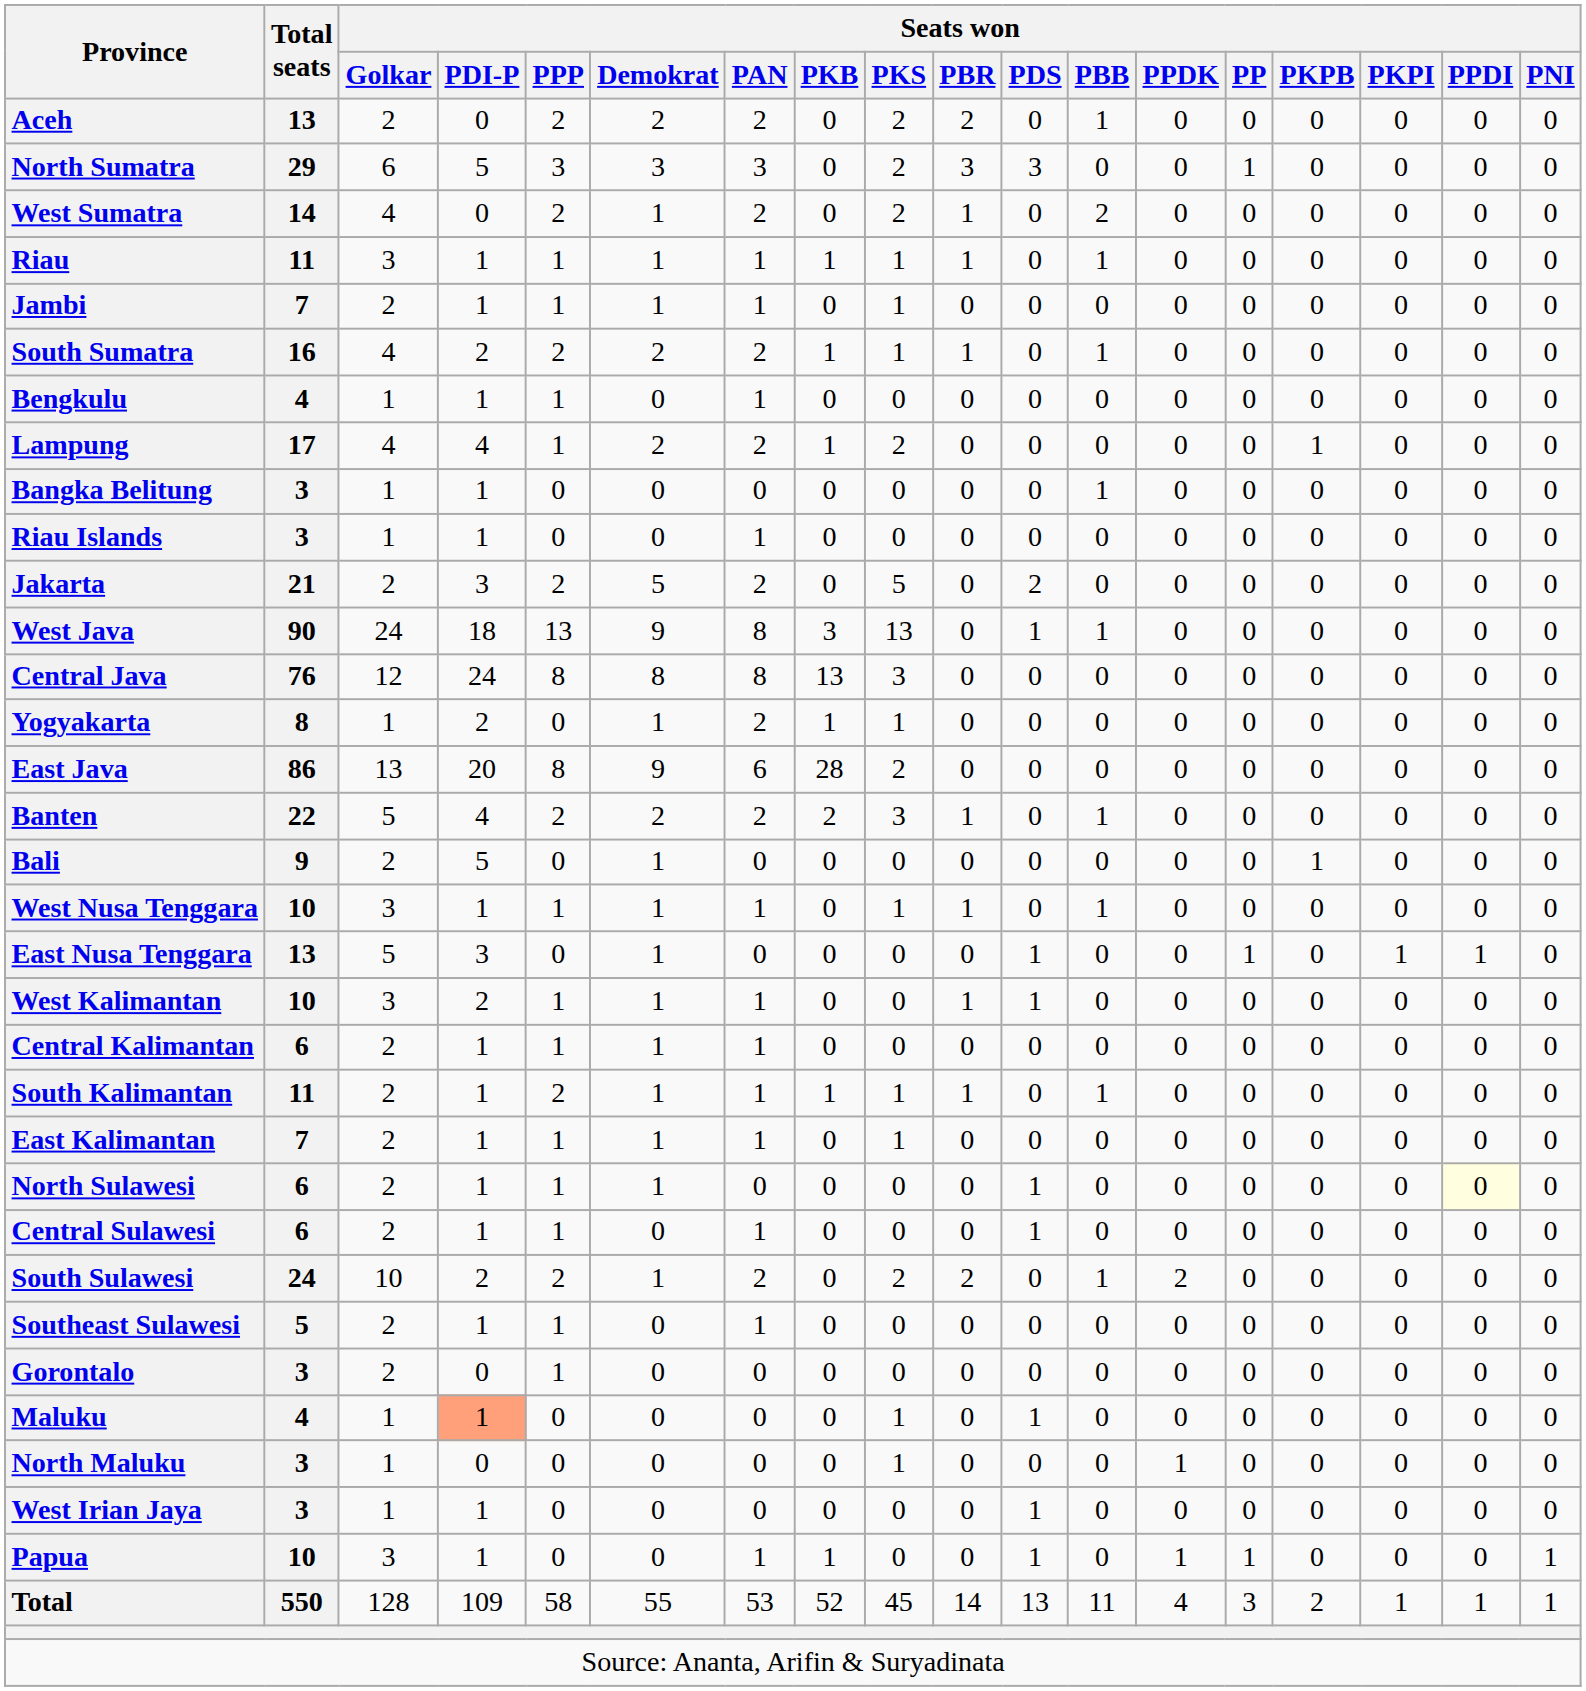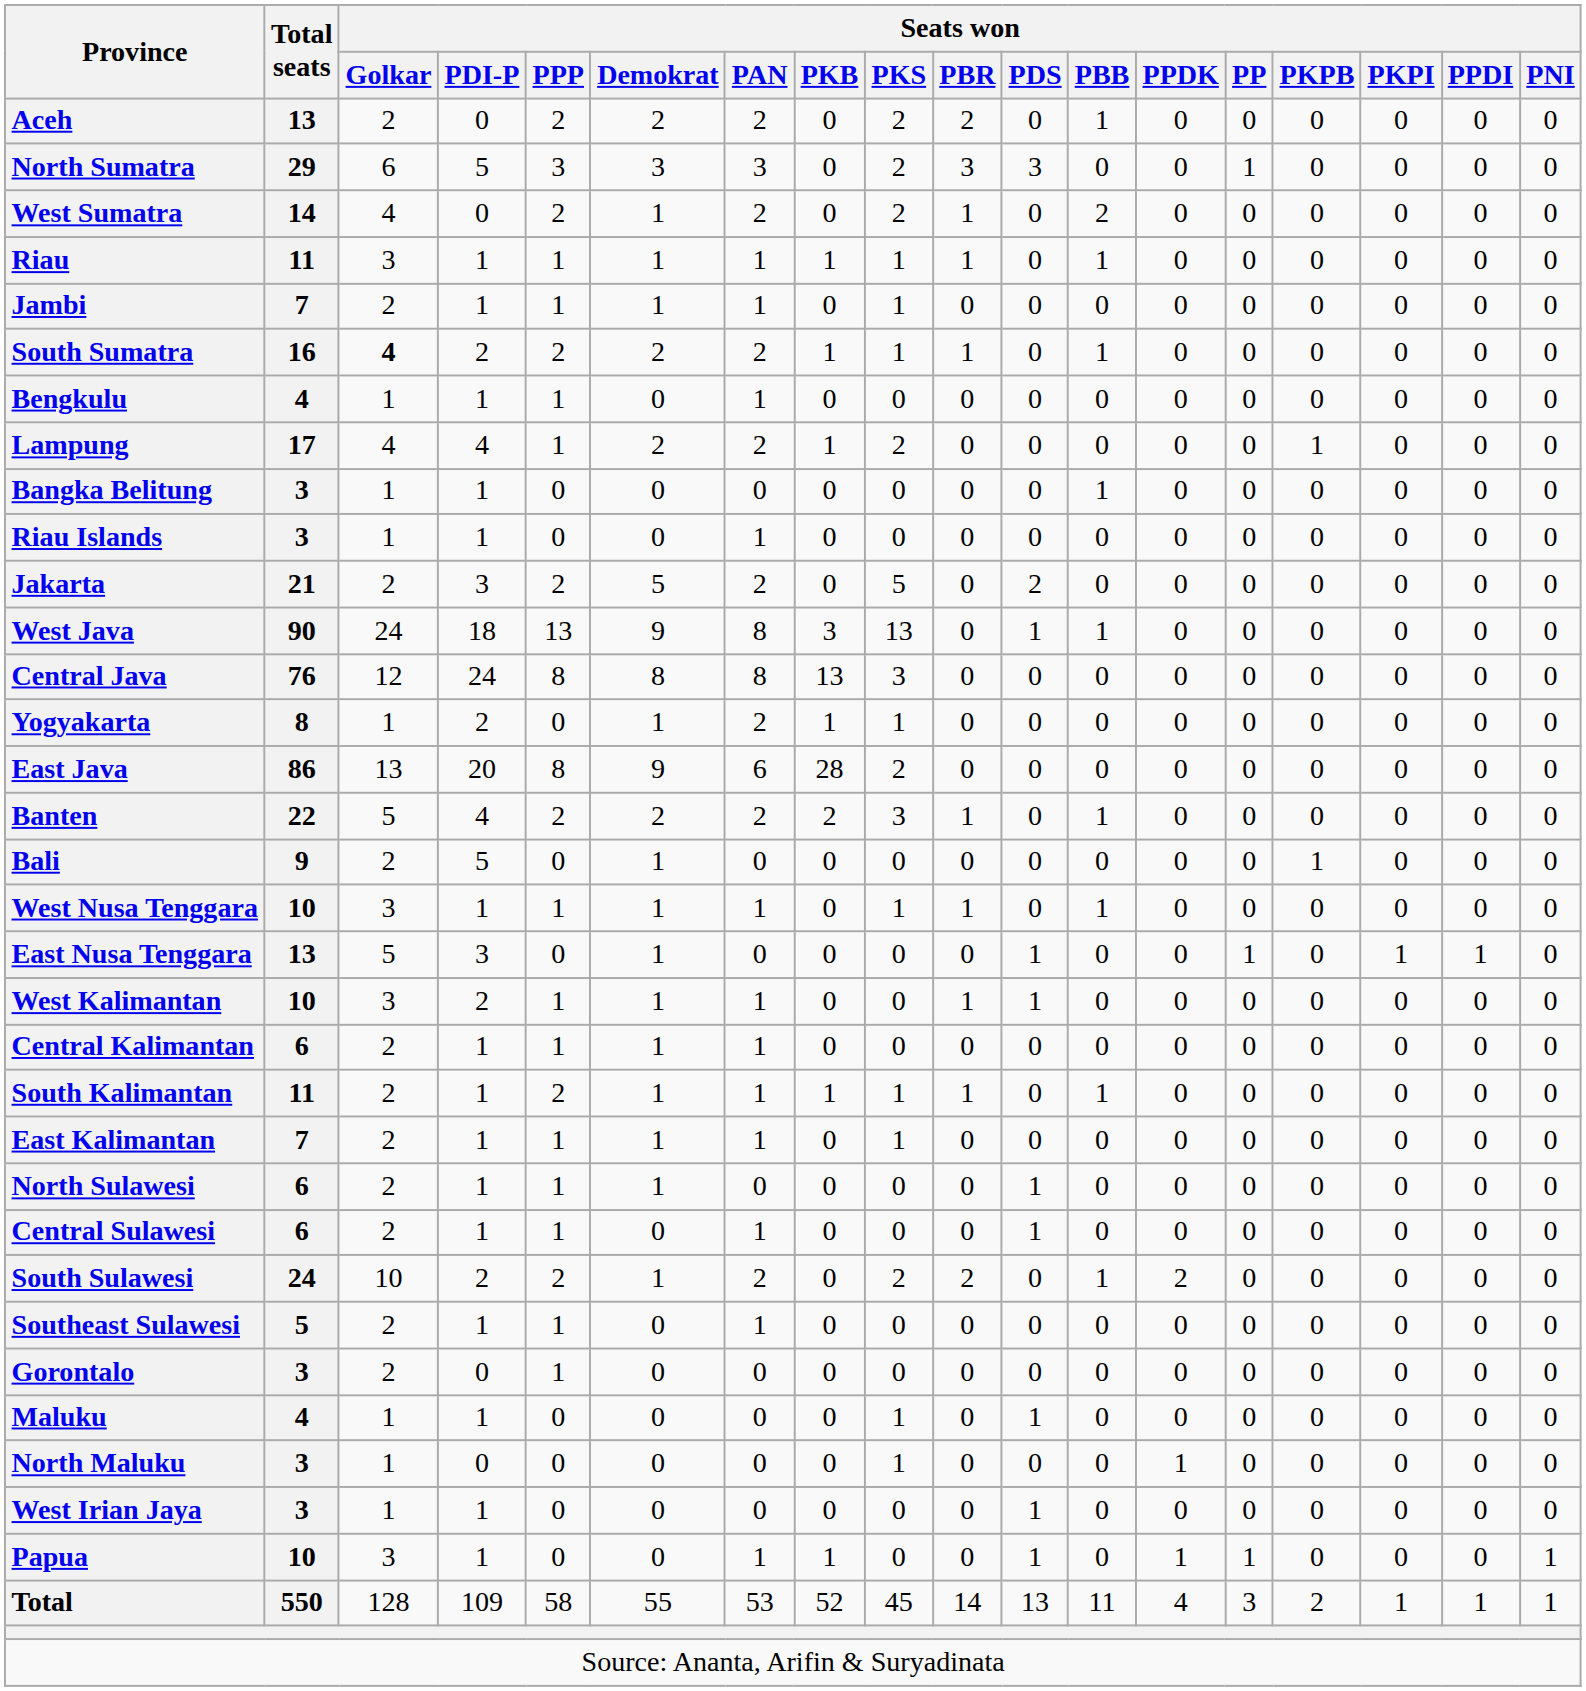 <table class="wikitable" style="text-align:center; font-size: 0.9em;">
 <tr>
 <th rowspan="2">Province</th>
 <th rowspan="2">Total<br>seats</th>
 <th colspan="16">Seats won</th>
 </tr>
 <tr>
 <th><a href='#'>Golkar</a></th>
 <th><a href='#'>PDI-P</a></th>
 <th><a href='#'>PPP</a></th>
 <th><a href='#'>Demokrat</a></th>
 <th><a href='#'>PAN</a></th>
 <th><a href='#'>PKB</a></th>
 <th><a href='#'>PKS</a></th>
 <th><a href='#'>PBR</a></th>
 <th><a href='#'>PDS</a></th>
 <th><a href='#'>PBB</a></th>
 <th><a href='#'>PPDK</a></th>
 <th><a href='#'>PP</a></th>
 <th><a href='#'>PKPB</a></th>
 <th><a href='#'>PKPI</a></th>
 <th><a href='#'>PPDI</a></th>
 <th><a href='#'>PNI</a></th>
 </tr>
 <tr>
 <th style="text-align: left;"><a href='#'>Aceh</a></th>
 <th>13</th>
 <td>2</td>
 <td>0</td>
 <td>2</td>
 <td>2</td>
 <td>2</td>
 <td>0</td>
 <td>2</td>
 <td>2</td>
 <td>0</td>
 <td>1</td>
 <td>0</td>
 <td>0</td>
 <td>0</td>
 <td>0</td>
 <td>0</td>
 <td>0</td>
 </tr>
 <tr>
 <th style="text-align: left;"><a href='#'>North Sumatra</a></th>
 <th>29</th>
 <td>6</td>
 <td>5</td>
 <td>3</td>
 <td>3</td>
 <td>3</td>
 <td>0</td>
 <td>2</td>
 <td>3</td>
 <td>3</td>
 <td>0</td>
 <td>0</td>
 <td>1</td>
 <td>0</td>
 <td>0</td>
 <td>0</td>
 <td>0</td>
 </tr>
 <tr>
 <th style="text-align: left;"><a href='#'>West Sumatra</a></th>
 <th>14</th>
 <td>4</td>
 <td>0</td>
 <td>2</td>
 <td>1</td>
 <td>2</td>
 <td>0</td>
 <td>2</td>
 <td>1</td>
 <td>0</td>
 <td>2</td>
 <td>0</td>
 <td>0</td>
 <td>0</td>
 <td>0</td>
 <td>0</td>
 <td>0</td>
 </tr>
 <tr>
 <th style="text-align: left;"><a href='#'>Riau</a></th>
 <th>11</th>
 <td>3</td>
 <td>1</td>
 <td>1</td>
 <td>1</td>
 <td>1</td>
 <td>1</td>
 <td>1</td>
 <td>1</td>
 <td>0</td>
 <td>1</td>
 <td>0</td>
 <td>0</td>
 <td>0</td>
 <td>0</td>
 <td>0</td>
 <td>0</td>
 </tr>
 <tr>
 <th style="text-align: left;"><a href='#'>Jambi</a></th>
 <th>7</th>
 <td>2</td>
 <td>1</td>
 <td>1</td>
 <td>1</td>
 <td>1</td>
 <td>0</td>
 <td>1</td>
 <td>0</td>
 <td>0</td>
 <td>0</td>
 <td>0</td>
 <td>0</td>
 <td>0</td>
 <td>0</td>
 <td>0</td>
 <td>0</td>
 </tr>
 <tr>
 <th style="text-align: left;"><a href='#'>South Sumatra</a></th>
 <th>16</th>
-<td>4</td>
+<td><strong>4</strong></td>
 <td>2</td>
 <td>2</td>
 <td>2</td>
 <td>2</td>
 <td>1</td>
 <td>1</td>
 <td>1</td>
 <td>0</td>
 <td>1</td>
 <td>0</td>
 <td>0</td>
 <td>0</td>
 <td>0</td>
 <td>0</td>
 <td>0</td>
 </tr>
 <tr>
 <th style="text-align: left;"><a href='#'>Bengkulu</a></th>
 <th>4</th>
 <td>1</td>
 <td>1</td>
 <td>1</td>
 <td>0</td>
 <td>1</td>
 <td>0</td>
 <td>0</td>
 <td>0</td>
 <td>0</td>
 <td>0</td>
 <td>0</td>
 <td>0</td>
 <td>0</td>
 <td>0</td>
 <td>0</td>
 <td>0</td>
 </tr>
 <tr>
 <th style="text-align: left;"><a href='#'>Lampung</a></th>
 <th>17</th>
 <td>4</td>
 <td>4</td>
 <td>1</td>
 <td>2</td>
 <td>2</td>
 <td>1</td>
 <td>2</td>
 <td>0</td>
 <td>0</td>
 <td>0</td>
 <td>0</td>
 <td>0</td>
 <td>1</td>
 <td>0</td>
 <td>0</td>
 <td>0</td>
 </tr>
 <tr>
 <th style="text-align: left;"><a href='#'>Bangka Belitung</a></th>
 <th>3</th>
 <td>1</td>
 <td>1</td>
 <td>0</td>
 <td>0</td>
 <td>0</td>
 <td>0</td>
 <td>0</td>
 <td>0</td>
 <td>0</td>
 <td>1</td>
 <td>0</td>
 <td>0</td>
 <td>0</td>
 <td>0</td>
 <td>0</td>
 <td>0</td>
 </tr>
 <tr>
 <th style="text-align: left;"><a href='#'>Riau Islands</a></th>
 <th>3</th>
 <td>1</td>
 <td>1</td>
 <td>0</td>
 <td>0</td>
 <td>1</td>
 <td>0</td>
 <td>0</td>
 <td>0</td>
 <td>0</td>
 <td>0</td>
 <td>0</td>
 <td>0</td>
 <td>0</td>
 <td>0</td>
 <td>0</td>
 <td>0</td>
 </tr>
 <tr>
 <th style="text-align: left;"><a href='#'>Jakarta</a></th>
 <th>21</th>
 <td>2</td>
 <td>3</td>
 <td>2</td>
 <td>5</td>
 <td>2</td>
 <td>0</td>
 <td>5</td>
 <td>0</td>
 <td>2</td>
 <td>0</td>
 <td>0</td>
 <td>0</td>
 <td>0</td>
 <td>0</td>
 <td>0</td>
 <td>0</td>
 </tr>
 <tr>
 <th style="text-align: left;"><a href='#'>West Java</a></th>
 <th>90</th>
 <td>24</td>
 <td>18</td>
 <td>13</td>
 <td>9</td>
 <td>8</td>
 <td>3</td>
 <td>13</td>
 <td>0</td>
 <td>1</td>
 <td>1</td>
 <td>0</td>
 <td>0</td>
 <td>0</td>
 <td>0</td>
 <td>0</td>
 <td>0</td>
 </tr>
 <tr>
 <th style="text-align: left;"><a href='#'>Central Java</a></th>
 <th>76</th>
 <td>12</td>
 <td>24</td>
 <td>8</td>
 <td>8</td>
 <td>8</td>
 <td>13</td>
 <td>3</td>
 <td>0</td>
 <td>0</td>
 <td>0</td>
 <td>0</td>
 <td>0</td>
 <td>0</td>
 <td>0</td>
 <td>0</td>
 <td>0</td>
 </tr>
 <tr>
 <th style="text-align: left;"><a href='#'>Yogyakarta</a></th>
 <th>8</th>
 <td>1</td>
 <td>2</td>
 <td>0</td>
 <td>1</td>
 <td>2</td>
 <td>1</td>
 <td>1</td>
 <td>0</td>
 <td>0</td>
 <td>0</td>
 <td>0</td>
 <td>0</td>
 <td>0</td>
 <td>0</td>
 <td>0</td>
 <td>0</td>
 </tr>
 <tr>
 <th style="text-align: left;"><a href='#'>East Java</a></th>
 <th>86</th>
 <td>13</td>
 <td>20</td>
 <td>8</td>
 <td>9</td>
 <td>6</td>
 <td>28</td>
 <td>2</td>
 <td>0</td>
 <td>0</td>
 <td>0</td>
 <td>0</td>
 <td>0</td>
 <td>0</td>
 <td>0</td>
 <td>0</td>
 <td>0</td>
 </tr>
 <tr>
 <th style="text-align: left;"><a href='#'>Banten</a></th>
 <th>22</th>
 <td>5</td>
 <td>4</td>
 <td>2</td>
 <td>2</td>
 <td>2</td>
 <td>2</td>
 <td>3</td>
 <td>1</td>
 <td>0</td>
 <td>1</td>
 <td>0</td>
 <td>0</td>
 <td>0</td>
 <td>0</td>
 <td>0</td>
 <td>0</td>
 </tr>
 <tr>
 <th style="text-align: left;"><a href='#'>Bali</a></th>
 <th>9</th>
 <td>2</td>
 <td>5</td>
 <td>0</td>
 <td>1</td>
 <td>0</td>
 <td>0</td>
 <td>0</td>
 <td>0</td>
 <td>0</td>
 <td>0</td>
 <td>0</td>
 <td>0</td>
 <td>1</td>
 <td>0</td>
 <td>0</td>
 <td>0</td>
 </tr>
 <tr>
 <th style="text-align: left;"><a href='#'>West Nusa Tenggara</a></th>
 <th>10</th>
 <td>3</td>
 <td>1</td>
 <td>1</td>
 <td>1</td>
 <td>1</td>
 <td>0</td>
 <td>1</td>
 <td>1</td>
 <td>0</td>
 <td>1</td>
 <td>0</td>
 <td>0</td>
 <td>0</td>
 <td>0</td>
 <td>0</td>
 <td>0</td>
 </tr>
 <tr>
 <th style="text-align: left;"><a href='#'>East Nusa Tenggara</a></th>
 <th>13</th>
 <td>5</td>
 <td>3</td>
 <td>0</td>
 <td>1</td>
 <td>0</td>
 <td>0</td>
 <td>0</td>
 <td>0</td>
 <td>1</td>
 <td>0</td>
 <td>0</td>
 <td>1</td>
 <td>0</td>
 <td>1</td>
 <td>1</td>
 <td>0</td>
 </tr>
 <tr>
 <th style="text-align: left;"><a href='#'>West Kalimantan</a></th>
 <th>10</th>
 <td>3</td>
 <td>2</td>
 <td>1</td>
 <td>1</td>
 <td>1</td>
 <td>0</td>
 <td>0</td>
 <td>1</td>
 <td>1</td>
 <td>0</td>
 <td>0</td>
 <td>0</td>
 <td>0</td>
 <td>0</td>
 <td>0</td>
 <td>0</td>
 </tr>
 <tr>
 <th style="text-align: left;"><a href='#'>Central Kalimantan</a></th>
 <th>6</th>
 <td>2</td>
 <td>1</td>
 <td>1</td>
 <td>1</td>
 <td>1</td>
 <td>0</td>
 <td>0</td>
 <td>0</td>
 <td>0</td>
 <td>0</td>
 <td>0</td>
 <td>0</td>
 <td>0</td>
 <td>0</td>
 <td>0</td>
 <td>0</td>
 </tr>
 <tr>
 <th style="text-align: left;"><a href='#'>South Kalimantan</a></th>
 <th>11</th>
 <td>2</td>
 <td>1</td>
 <td>2</td>
 <td>1</td>
 <td>1</td>
 <td>1</td>
 <td>1</td>
 <td>1</td>
 <td>0</td>
 <td>1</td>
 <td>0</td>
 <td>0</td>
 <td>0</td>
 <td>0</td>
 <td>0</td>
 <td>0</td>
 </tr>
 <tr>
 <th style="text-align: left;"><a href='#'>East Kalimantan</a></th>
 <th>7</th>
 <td>2</td>
 <td>1</td>
 <td>1</td>
 <td>1</td>
 <td>1</td>
 <td>0</td>
 <td>1</td>
 <td>0</td>
 <td>0</td>
 <td>0</td>
 <td>0</td>
 <td>0</td>
 <td>0</td>
 <td>0</td>
 <td>0</td>
 <td>0</td>
 </tr>
 <tr>
 <th style="text-align: left;"><a href='#'>North Sulawesi</a></th>
 <th>6</th>
 <td>2</td>
 <td>1</td>
 <td>1</td>
 <td>1</td>
 <td>0</td>
 <td>0</td>
 <td>0</td>
 <td>0</td>
 <td>1</td>
 <td>0</td>
 <td>0</td>
 <td>0</td>
 <td>0</td>
 <td>0</td>
-<td style="background: lightyellow;">0</td>
+<td>0</td>
 <td>0</td>
 </tr>
 <tr>
 <th style="text-align: left;"><a href='#'>Central Sulawesi</a></th>
 <th>6</th>
 <td>2</td>
 <td>1</td>
 <td>1</td>
 <td>0</td>
 <td>1</td>
 <td>0</td>
 <td>0</td>
 <td>0</td>
 <td>1</td>
 <td>0</td>
 <td>0</td>
 <td>0</td>
 <td>0</td>
 <td>0</td>
 <td>0</td>
 <td>0</td>
 </tr>
 <tr>
 <th style="text-align: left;"><a href='#'>South Sulawesi</a></th>
 <th>24</th>
 <td>10</td>
 <td>2</td>
 <td>2</td>
 <td>1</td>
 <td>2</td>
 <td>0</td>
 <td>2</td>
 <td>2</td>
 <td>0</td>
 <td>1</td>
 <td>2</td>
 <td>0</td>
 <td>0</td>
 <td>0</td>
 <td>0</td>
 <td>0</td>
 </tr>
 <tr>
 <th style="text-align: left;"><a href='#'>Southeast Sulawesi</a></th>
 <th>5</th>
 <td>2</td>
 <td>1</td>
 <td>1</td>
 <td>0</td>
 <td>1</td>
 <td>0</td>
 <td>0</td>
 <td>0</td>
 <td>0</td>
 <td>0</td>
 <td>0</td>
 <td>0</td>
 <td>0</td>
 <td>0</td>
 <td>0</td>
 <td>0</td>
 </tr>
 <tr>
 <th style="text-align: left;"><a href='#'>Gorontalo</a></th>
 <th>3</th>
 <td>2</td>
 <td>0</td>
 <td>1</td>
 <td>0</td>
 <td>0</td>
 <td>0</td>
 <td>0</td>
 <td>0</td>
 <td>0</td>
 <td>0</td>
 <td>0</td>
 <td>0</td>
 <td>0</td>
 <td>0</td>
 <td>0</td>
 <td>0</td>
 </tr>
 <tr>
 <th style="text-align: left;"><a href='#'>Maluku</a></th>
 <th>4</th>
 <td>1</td>
-<td style="background: lightsalmon;">1</td>
+<td>1</td>
 <td>0</td>
 <td>0</td>
 <td>0</td>
 <td>0</td>
 <td>1</td>
 <td>0</td>
 <td>1</td>
 <td>0</td>
 <td>0</td>
 <td>0</td>
 <td>0</td>
 <td>0</td>
 <td>0</td>
 <td>0</td>
 </tr>
 <tr>
 <th style="text-align: left;"><a href='#'>North Maluku</a></th>
 <th>3</th>
 <td>1</td>
 <td>0</td>
 <td>0</td>
 <td>0</td>
 <td>0</td>
 <td>0</td>
 <td>1</td>
 <td>0</td>
 <td>0</td>
 <td>0</td>
 <td>1</td>
 <td>0</td>
 <td>0</td>
 <td>0</td>
 <td>0</td>
 <td>0</td>
 </tr>
 <tr>
 <th style="text-align: left;"><a href='#'>West Irian Jaya</a></th>
 <th>3</th>
 <td>1</td>
 <td>1</td>
 <td>0</td>
 <td>0</td>
 <td>0</td>
 <td>0</td>
 <td>0</td>
 <td>0</td>
 <td>1</td>
 <td>0</td>
 <td>0</td>
 <td>0</td>
 <td>0</td>
 <td>0</td>
 <td>0</td>
 <td>0</td>
 </tr>
 <tr>
 <th style="text-align: left;"><a href='#'>Papua</a></th>
 <th>10</th>
 <td>3</td>
 <td>1</td>
 <td>0</td>
 <td>0</td>
 <td>1</td>
 <td>1</td>
 <td>0</td>
 <td>0</td>
 <td>1</td>
 <td>0</td>
 <td>1</td>
 <td>1</td>
 <td>0</td>
 <td>0</td>
 <td>0</td>
 <td>1</td>
 </tr>
 <tr class="sortbottom">
 <th style="text-align: left;">Total</th>
 <th>550</th>
 <td>128</td>
 <td>109</td>
 <td>58</td>
 <td>55</td>
 <td>53</td>
 <td>52</td>
 <td>45</td>
 <td>14</td>
 <td>13</td>
 <td>11</td>
 <td>4</td>
 <td>3</td>
 <td>2</td>
 <td>1</td>
 <td>1</td>
 <td>1</td>
 </tr>
 <tr>
 <th colspan="18"></th>
 </tr>
 <tr>
 <td colspan="18">Source: Ananta, Arifin & Suryadinata</td>
 </tr>
 </table>
